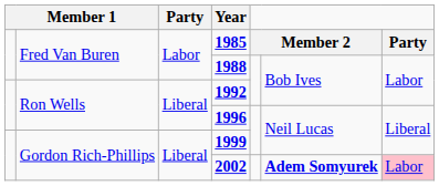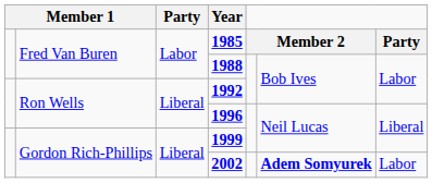 <table class="wikitable">
 <tr>
 <th colspan="2">Member 1</th>
 <th>Party</th>
 <th>Year</th>
 </tr>
 <tr>
 <td rowspan="2" > </td>
 <td rowspan="2"><a href='#'>Fred Van Buren</a></td>
 <td rowspan="2"><a href='#'>Labor</a></td>
 <td><strong><a href='#'>1985</a></strong></td>
 <th colspan="2">Member 2</th>
 <th>Party</th>
 </tr>
 <tr>
 <td><strong><a href='#'>1988</a></strong></td>
 <td rowspan="2" > </td>
 <td rowspan="2"><a href='#'>Bob Ives</a></td>
 <td rowspan="2"><a href='#'>Labor</a></td>
 </tr>
 <tr>
 <td rowspan="2" > </td>
 <td rowspan="2"><a href='#'>Ron Wells</a></td>
 <td rowspan="2"><a href='#'>Liberal</a></td>
 <td><strong><a href='#'>1992</a></strong></td>
 </tr>
 <tr>
 <td><strong><a href='#'>1996</a></strong></td>
 <td rowspan="2" > </td>
 <td rowspan="2"><a href='#'>Neil Lucas</a></td>
 <td rowspan="2"><a href='#'>Liberal</a></td>
 </tr>
 <tr>
 <td rowspan="2" > </td>
 <td rowspan="2"><a href='#'>Gordon Rich-Phillips</a></td>
 <td rowspan="2"><a href='#'>Liberal</a></td>
 <td><strong><a href='#'>1999</a></strong></td>
 </tr>
 <tr>
 <td><strong><a href='#'>2002</a></strong></td>
 <td> </td>
 <td><strong><a href='#'>Adem Somyurek</a></strong></td>
-<td style="background: pink;"><a href='#'>Labor</a></td>
+<td><a href='#'>Labor</a></td>
 </tr>
 </table>
